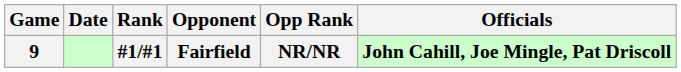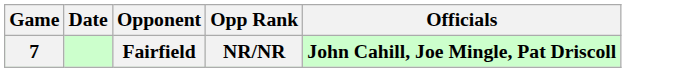 <table class="wikitable">
 <tr>
 <th>Game</th>
 <th>Date</th>
-<th>Rank</th>
 <th>Opponent</th>
 <th>Opp Rank</th>
 <th>Officials</th>
 </tr>
 <tr align="center" bgcolor="#ccffcc">
-<th>9</th>
+<th>7</th>
 <td></td>
-<th>#1/#1</th>
 <th>Fairfield</th>
 <th>NR/NR</th>
 <td><strong>John Cahill, Joe Mingle, Pat Driscoll</strong></td>
 </tr>
 </table>
